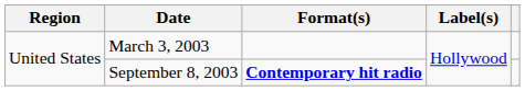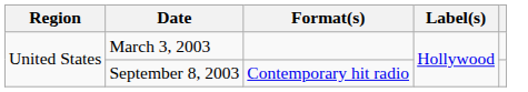 <table class="wikitable">
 <tr>
 <th>Region</th>
 <th>Date</th>
 <th>Format(s)</th>
 <th>Label(s)</th>
 <th></th>
 </tr>
 <tr>
 <td rowspan="2">United States</td>
 <td>March 3, 2003</td>
 <td></td>
 <td rowspan="2"><a href='#'>Hollywood</a></td>
 <td></td>
 </tr>
 <tr>
 <td>September 8, 2003</td>
-<td><strong><a href='#'>Contemporary hit radio</a></strong></td>
+<td><a href='#'>Contemporary hit radio</a></td>
 <td></td>
 </tr>
 </table>
